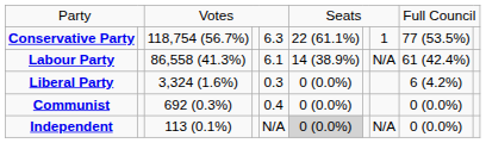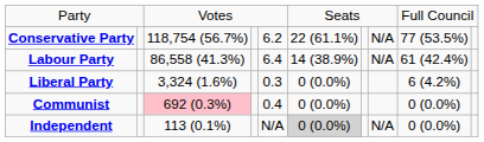 <table class=wikitable style="text-align:center;">
 <tr>
 <td colspan=2>Party</td>
 <td colspan=3>Votes</td>
 <td colspan=3>Seats</td>
 <td colspan=3>Full Council</td>
 </tr>
 <tr>
 <td><strong><a href='#'>Conservative Party</a></strong></td>
 <td style="background:"></td>
 <td>118,754 (56.7%)</td>
 <td></td>
-<td> 6.3</td>
+<td> 6.2</td>
 <td>22 (61.1%)</td>
 <td></td>
-<td> 1</td>
+<td>N/A</td>
 <td>77 (53.5%)</td>
 <td></td>
 </tr>
 <tr>
 <td><strong><a href='#'>Labour Party</a></strong></td>
 <td style="background:"></td>
 <td>86,558 (41.3%)</td>
 <td></td>
-<td> 6.1</td>
+<td> 6.4</td>
 <td>14 (38.9%)</td>
 <td></td>
 <td>N/A</td>
 <td>61 (42.4%)</td>
 <td></td>
 </tr>
 <tr>
 <td><strong><a href='#'>Liberal Party</a></strong></td>
 <td style="background:"></td>
 <td>3,324 (1.6%)</td>
 <td></td>
 <td> 0.3</td>
 <td>0 (0.0%)</td>
 <td></td>
 <td></td>
 <td>6 (4.2%)</td>
 <td></td>
 </tr>
 <tr>
 <td><strong><a href='#'>Communist</a></strong></td>
 <td style="background:"></td>
-<td>692 (0.3%)</td>
+<td style="background: pink;">692 (0.3%)</td>
 <td></td>
 <td> 0.4</td>
 <td>0 (0.0%)</td>
 <td></td>
 <td></td>
 <td>0 (0.0%)</td>
 <td></td>
 </tr>
 <tr>
 <td><strong><a href='#'>Independent</a></strong></td>
 <td style="background:"></td>
 <td>113 (0.1%)</td>
 <td></td>
 <td>N/A</td>
 <td style="background: lightgrey;">0 (0.0%)</td>
 <td></td>
 <td>N/A</td>
 <td>0 (0.0%)</td>
 <td></td>
 </tr>
 </table>
